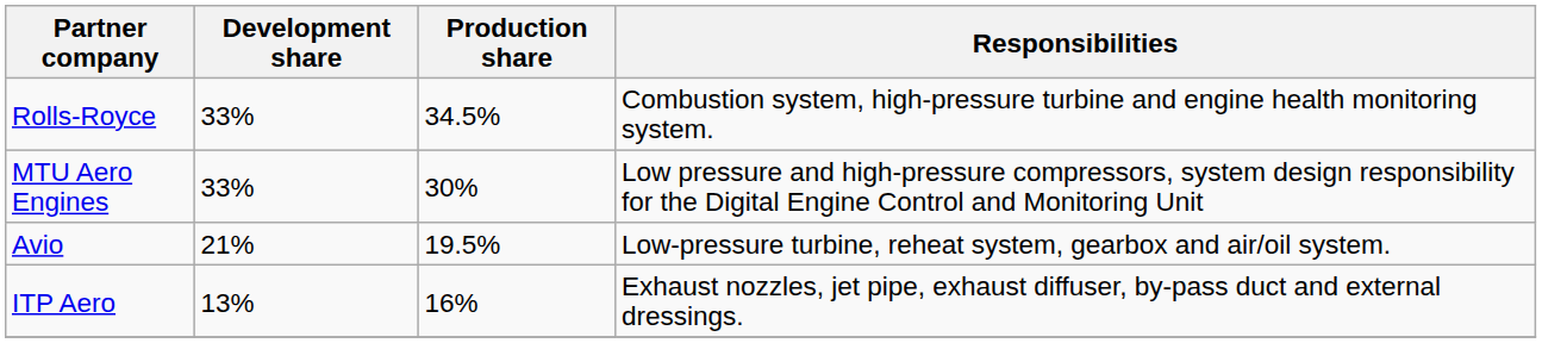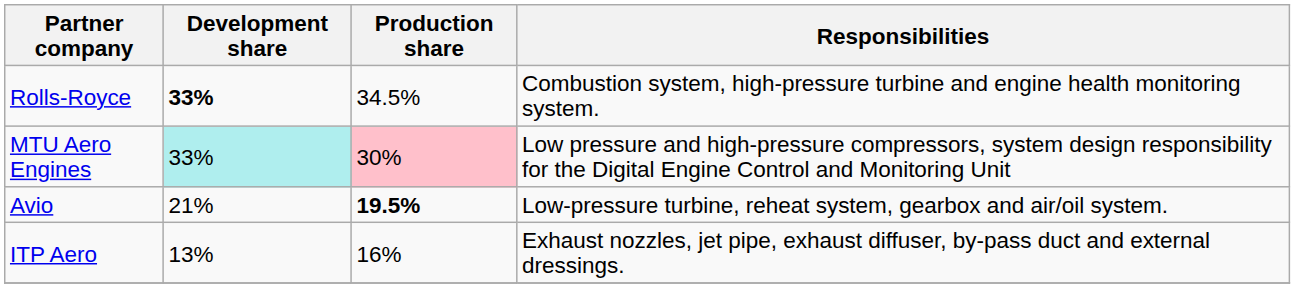 <table class="wikitable" style="font-size: 95%;" align="center">
 <tr>
 <th>Partner company</th>
 <th>Development share</th>
 <th>Production share</th>
 <th>Responsibilities</th>
 </tr>
 <tr>
 <td><a href='#'>Rolls-Royce</a></td>
-<td>33%</td>
+<td><strong>33%</strong></td>
 <td>34.5%</td>
 <td>Combustion system, high-pressure turbine and engine health monitoring system.</td>
 </tr>
 <tr>
 <td><a href='#'>MTU Aero Engines</a></td>
-<td>33%</td>
-<td>30%</td>
+<td style="background: paleturquoise;">33%</td>
+<td style="background: pink;">30%</td>
 <td>Low pressure and high-pressure compressors, system design responsibility for the Digital Engine Control and Monitoring Unit</td>
 </tr>
 <tr>
 <td><a href='#'>Avio</a></td>
 <td>21%</td>
-<td>19.5%</td>
+<td><strong>19.5%</strong></td>
 <td>Low-pressure turbine, reheat system, gearbox and air/oil system.</td>
 </tr>
 <tr>
 <td><a href='#'>ITP Aero</a></td>
 <td>13%</td>
 <td>16%</td>
 <td>Exhaust nozzles, jet pipe, exhaust diffuser, by-pass duct and external dressings.</td>
 </tr>
 <tr>
 </tr>
 </table>
